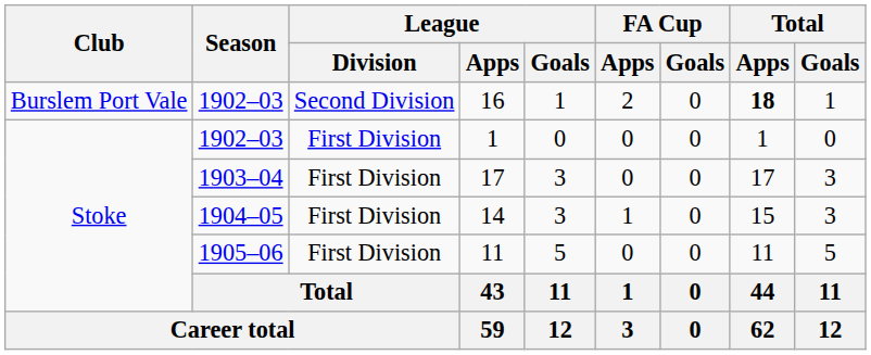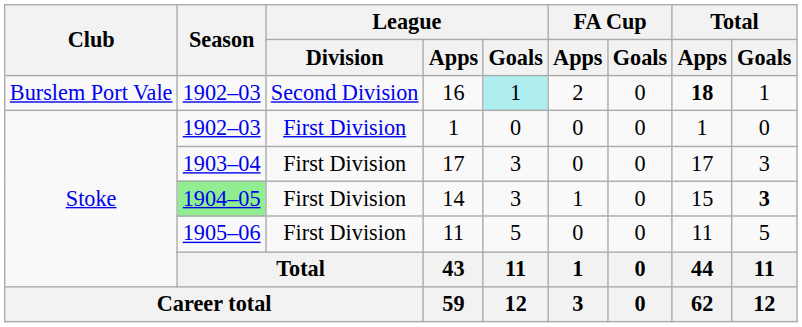 <table class="wikitable" style="text-align: center;">
 <tr>
 <th rowspan="2">Club</th>
 <th rowspan="2">Season</th>
 <th colspan="3">League</th>
 <th colspan="2">FA Cup</th>
 <th colspan="2">Total</th>
 </tr>
 <tr>
 <th>Division</th>
 <th>Apps</th>
 <th>Goals</th>
 <th>Apps</th>
 <th>Goals</th>
 <th>Apps</th>
 <th>Goals</th>
 </tr>
 <tr>
 <td><a href='#'>Burslem Port Vale</a></td>
 <td><a href='#'>1902–03</a></td>
 <td><a href='#'>Second Division</a></td>
 <td>16</td>
-<td>1</td>
+<td style="background: paleturquoise;">1</td>
 <td>2</td>
 <td>0</td>
 <td><strong>18</strong></td>
 <td>1</td>
 </tr>
 <tr>
 <td rowspan="5"><a href='#'>Stoke</a></td>
 <td><a href='#'>1902–03</a></td>
 <td><a href='#'>First Division</a></td>
 <td>1</td>
 <td>0</td>
 <td>0</td>
 <td>0</td>
 <td>1</td>
 <td>0</td>
 </tr>
 <tr>
 <td><a href='#'>1903–04</a></td>
 <td>First Division</td>
 <td>17</td>
 <td>3</td>
 <td>0</td>
 <td>0</td>
 <td>17</td>
 <td>3</td>
 </tr>
 <tr>
-<td><a href='#'>1904–05</a></td>
+<td style="background: lightgreen;"><a href='#'>1904–05</a></td>
 <td>First Division</td>
 <td>14</td>
 <td>3</td>
 <td>1</td>
 <td>0</td>
 <td>15</td>
-<td>3</td>
+<td><strong>3</strong></td>
 </tr>
 <tr>
 <td><a href='#'>1905–06</a></td>
 <td>First Division</td>
 <td>11</td>
 <td>5</td>
 <td>0</td>
 <td>0</td>
 <td>11</td>
 <td>5</td>
 </tr>
 <tr>
 <th colspan="2">Total</th>
 <th>43</th>
 <th>11</th>
 <th>1</th>
 <th>0</th>
 <th>44</th>
 <th>11</th>
 </tr>
 <tr>
 <th colspan="3">Career total</th>
 <th>59</th>
 <th>12</th>
 <th>3</th>
 <th>0</th>
 <th>62</th>
 <th>12</th>
 </tr>
 </table>
